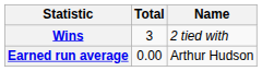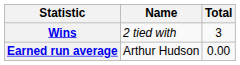 <table class="wikitable plainrowheaders">
 <tr>
 <th scope="col">Statistic</th>
+<th scope="col">Name</th>
 <th scope="col">Total</th>
-<th scope="col">Name</th>
 </tr>
 <tr>
 <th scope="row"><a href='#'>Wins</a></th>
+<td><em>2 tied with</em></td>
 <td align=center>3</td>
-<td><em>2 tied with</em></td>
 </tr>
 <tr>
 <th scope="row"><a href='#'>Earned run average</a></th>
+<td> Arthur Hudson</td>
 <td align=center>0.00</td>
-<td> Arthur Hudson</td>
 </tr>
 </table>
